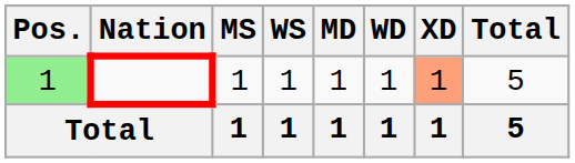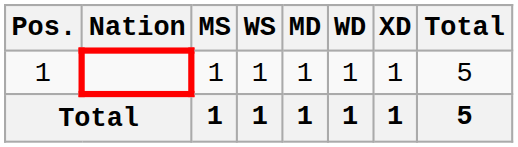 <table class="wikitable" style="text-align:center">
 <tr>
 <th>Pos.</th>
 <th>Nation</th>
 <th>MS</th>
 <th>WS</th>
 <th>MD</th>
 <th>WD</th>
 <th>XD</th>
 <th>Total</th>
 </tr>
 <tr>
-<td style="background: lightgreen;">1</td>
+<td>1</td>
 <td align="left" style="border: 3px solid red"><strong></strong></td>
 <td>1</td>
 <td>1</td>
 <td>1</td>
 <td>1</td>
-<td style="background: lightsalmon;">1</td>
+<td>1</td>
 <td>5</td>
 </tr>
 <tr>
 <th colspan="2">Total</th>
 <th>1</th>
 <th>1</th>
 <th>1</th>
 <th>1</th>
 <th>1</th>
 <th>5</th>
 </tr>
 </table>
